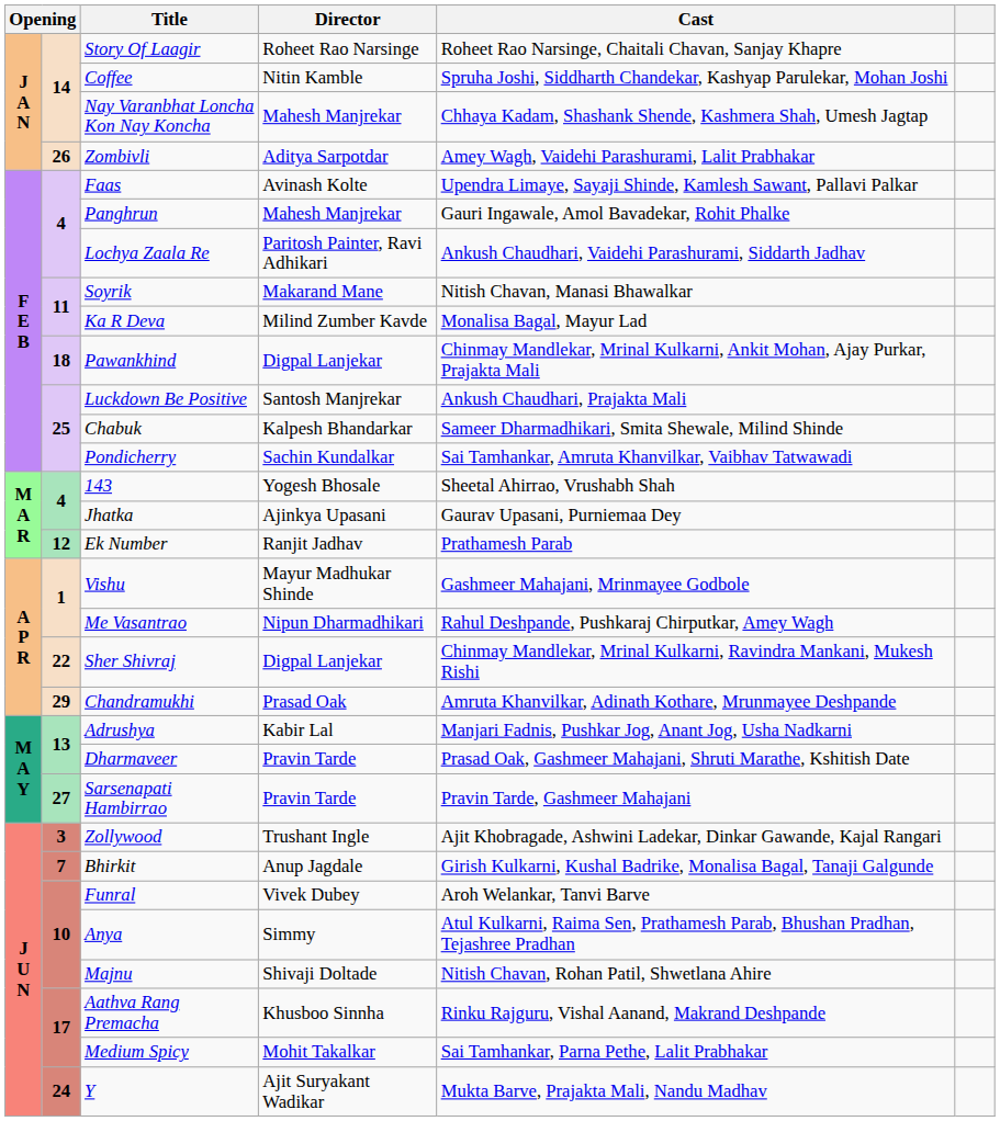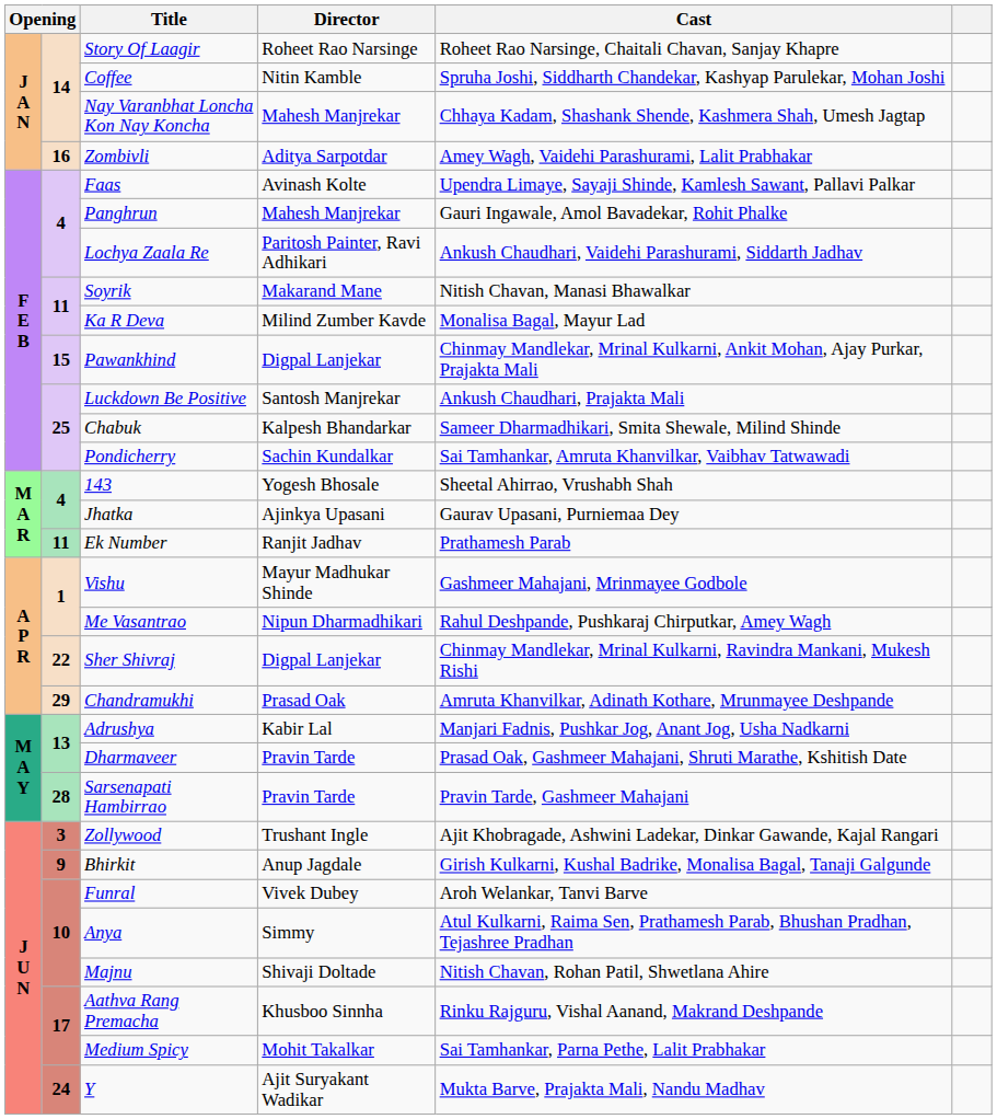 <table class="wikitable sortable">
 <tr>
 <th colspan="2" style="width:6%">Opening</th>
 <th style="width:18%">Title</th>
 <th style="width:18%">Director</th>
 <th>Cast</th>
 <th style="width:4%;"></th>
 </tr>
 <tr>
 <th rowspan="4" style="text-align:center; background:#f7bf87; text color:#000;">J<br>A<br>N</th>
 <td rowspan="3" style="text-align:center; background:#f7dfc7"><strong>14</strong></td>
 <td><em><a href='#'>Story Of Laagir</a></em></td>
 <td>Roheet Rao Narsinge</td>
 <td>Roheet Rao Narsinge, Chaitali Chavan, Sanjay Khapre</td>
 <td></td>
 </tr>
 <tr>
 <td><em><a href='#'>Coffee</a></em></td>
 <td>Nitin Kamble</td>
 <td><a href='#'>Spruha Joshi</a>, <a href='#'>Siddharth Chandekar</a>, Kashyap Parulekar, <a href='#'>Mohan Joshi</a></td>
 <td></td>
 </tr>
 <tr>
 <td><em><a href='#'>Nay Varanbhat Loncha Kon Nay Koncha</a></em></td>
 <td><a href='#'>Mahesh Manjrekar</a></td>
 <td><a href='#'>Chhaya Kadam</a>, <a href='#'>Shashank Shende</a>, <a href='#'>Kashmera Shah</a>, Umesh Jagtap</td>
 <td></td>
 </tr>
 <tr>
-<td rowspan="1" style="text-align:center; background:#f7dfc7"><strong>26</strong></td>
+<td rowspan="1" style="text-align:center; background:#f7dfc7"><strong>16</strong></td>
 <td><em><a href='#'>Zombivli</a></em></td>
 <td><a href='#'>Aditya Sarpotdar</a></td>
 <td><a href='#'>Amey Wagh</a>, <a href='#'>Vaidehi Parashurami</a>, <a href='#'>Lalit Prabhakar</a></td>
 <td></td>
 </tr>
 <tr>
 <th rowspan="9" style="text-align:center; background:#bf87f7; textcolor:#000;">F<br>E<br>B</th>
 <td rowspan="3" style="text-align:center; background:#dfc7f7"><strong>4</strong></td>
 <td><em><a href='#'>Faas</a></em></td>
 <td>Avinash Kolte</td>
 <td><a href='#'>Upendra Limaye</a>, <a href='#'>Sayaji Shinde</a>, <a href='#'>Kamlesh Sawant</a>, Pallavi Palkar</td>
 <td></td>
 </tr>
 <tr>
 <td><em><a href='#'>Panghrun</a></em></td>
 <td><a href='#'>Mahesh Manjrekar</a></td>
 <td>Gauri Ingawale, Amol Bavadekar, <a href='#'>Rohit Phalke</a></td>
 <td></td>
 </tr>
 <tr>
 <td><em><a href='#'>Lochya Zaala Re</a></em></td>
 <td><a href='#'>Paritosh Painter</a>, Ravi Adhikari</td>
 <td><a href='#'>Ankush Chaudhari</a>, <a href='#'>Vaidehi Parashurami</a>, <a href='#'>Siddarth Jadhav</a></td>
 <td></td>
 </tr>
 <tr>
 <td rowspan="2" style="text-align:center; background:#dfc7f7"><strong>11</strong></td>
 <td><em><a href='#'>Soyrik</a></em></td>
 <td><a href='#'>Makarand Mane</a></td>
 <td>Nitish Chavan, Manasi Bhawalkar</td>
 <td></td>
 </tr>
 <tr>
 <td><em><a href='#'>Ka R Deva</a></em></td>
 <td>Milind Zumber Kavde</td>
 <td><a href='#'>Monalisa Bagal</a>, Mayur Lad</td>
 <td></td>
 </tr>
 <tr>
-<td rowspan="1" style="text-align:center; background:#dfc7f7"><strong>18</strong></td>
+<td rowspan="1" style="text-align:center; background:#dfc7f7"><strong>15</strong></td>
 <td><em><a href='#'>Pawankhind</a></em></td>
 <td><a href='#'>Digpal Lanjekar</a></td>
 <td><a href='#'>Chinmay Mandlekar</a>, <a href='#'>Mrinal Kulkarni</a>, <a href='#'>Ankit Mohan</a>, Ajay Purkar, <a href='#'>Prajakta Mali</a></td>
 <td></td>
 </tr>
 <tr>
 <td rowspan="3" style="text-align:center; background:#dfc7f7"><strong>25</strong></td>
 <td><em><a href='#'>Luckdown Be Positive</a></em></td>
 <td>Santosh Manjrekar</td>
 <td><a href='#'>Ankush Chaudhari</a>, <a href='#'>Prajakta Mali</a></td>
 <td></td>
 </tr>
 <tr>
 <td><em>Chabuk</em></td>
 <td>Kalpesh Bhandarkar</td>
 <td><a href='#'>Sameer Dharmadhikari</a>, Smita Shewale, Milind Shinde</td>
 <td></td>
 </tr>
 <tr>
 <td><em><a href='#'>Pondicherry</a></em></td>
 <td><a href='#'>Sachin Kundalkar</a></td>
 <td><a href='#'>Sai Tamhankar</a>, <a href='#'>Amruta Khanvilkar</a>, <a href='#'>Vaibhav Tatwawadi</a></td>
 <td></td>
 </tr>
 <tr>
 <th rowspan="3" style="text-align:center; background:#98fb98; textcolor:#000;"><strong>M<br>A<br>R</strong></th>
 <td rowspan="2" style="text-align:center; background:#a8e4bc;"><strong>4</strong></td>
 <td><em><a href='#'>143</a></em></td>
 <td>Yogesh Bhosale</td>
 <td>Sheetal Ahirrao, Vrushabh Shah</td>
 <td></td>
 </tr>
 <tr>
 <td><em>Jhatka</em></td>
 <td>Ajinkya Upasani</td>
 <td>Gaurav Upasani, Purniemaa Dey</td>
 <td></td>
 </tr>
 <tr>
-<td rowspan="1" style="text-align:center; background:#a8e4bc;"><strong>12</strong></td>
+<td rowspan="1" style="text-align:center; background:#a8e4bc;"><strong>11</strong></td>
 <td><em>Ek Number</em></td>
 <td>Ranjit Jadhav</td>
 <td><a href='#'>Prathamesh Parab</a></td>
 <td></td>
 </tr>
 <tr>
 <th rowspan="4" style="text-align:center; background:#f7bf87; text color:#000;">A<br>P<br>R</th>
 <td rowspan="2" style="text-align:center; background:#f7dfc7"><strong>1</strong></td>
 <td><em><a href='#'>Vishu</a></em></td>
 <td>Mayur Madhukar Shinde</td>
 <td><a href='#'>Gashmeer Mahajani</a>, <a href='#'>Mrinmayee Godbole</a></td>
 <td></td>
 </tr>
 <tr>
 <td><em><a href='#'>Me Vasantrao</a></em></td>
 <td><a href='#'>Nipun Dharmadhikari</a></td>
 <td><a href='#'>Rahul Deshpande</a>, Pushkaraj Chirputkar, <a href='#'>Amey Wagh</a></td>
 <td></td>
 </tr>
 <tr>
 <td style="text-align:center; background:#f7dfc7"><strong>22</strong></td>
 <td><em><a href='#'>Sher Shivraj</a></em></td>
 <td><a href='#'>Digpal Lanjekar</a></td>
 <td><a href='#'>Chinmay Mandlekar</a>, <a href='#'>Mrinal Kulkarni</a>, <a href='#'>Ravindra Mankani</a>, <a href='#'>Mukesh Rishi</a></td>
 <td></td>
 </tr>
 <tr>
 <td style="text-align:center; background:#f7dfc7"><strong>29</strong></td>
 <td><em><a href='#'>Chandramukhi</a></em></td>
 <td><a href='#'>Prasad Oak</a></td>
 <td><a href='#'>Amruta Khanvilkar</a>, <a href='#'>Adinath Kothare</a>, <a href='#'>Mrunmayee Deshpande</a></td>
 <td></td>
 </tr>
 <tr>
 <th rowspan="3" style="text-align:center; background:#29AB87; textcolor:#000;">M<br>A<br>Y</th>
 <td rowspan="2" style="text-align:center; background:#a8e4bc"><strong>13</strong></td>
 <td><em><a href='#'>Adrushya</a></em></td>
 <td>Kabir Lal</td>
 <td><a href='#'>Manjari Fadnis</a>, <a href='#'>Pushkar Jog</a>, <a href='#'>Anant Jog</a>, <a href='#'>Usha Nadkarni</a></td>
 <td><br></td>
 </tr>
 <tr>
 <td><em><a href='#'>Dharmaveer</a></em></td>
 <td><a href='#'>Pravin Tarde</a></td>
 <td><a href='#'>Prasad Oak</a>, <a href='#'>Gashmeer Mahajani</a>, <a href='#'>Shruti Marathe</a>, Kshitish Date</td>
 <td></td>
 </tr>
 <tr>
-<td style="text-align:center; background:#a8e4bc"><strong>27</strong></td>
+<td style="text-align:center; background:#a8e4bc"><strong>28</strong></td>
 <td><a href='#'><em>Sarsenapati</em> <em>Hambirrao</em></a></td>
 <td><a href='#'>Pravin Tarde</a></td>
 <td><a href='#'>Pravin Tarde</a>, <a href='#'>Gashmeer Mahajani</a></td>
 <td></td>
 </tr>
 <tr>
 <th rowspan="8" style="text-align:center;  background:#F88379; textcolor:#000;"><strong>J<br>U<br>N</strong></th>
 <td rowspan="1" style="text-align:center;background:#D88579;textcolor:#000;"><strong>3</strong></td>
 <td><em><a href='#'>Zollywood</a></em></td>
 <td>Trushant Ingle</td>
 <td>Ajit Khobragade, Ashwini Ladekar, Dinkar Gawande, Kajal Rangari</td>
 <td></td>
 </tr>
 <tr>
-<td rowspan="1" style="text-align:center;background:#D88579;textcolor:#000;"><strong>7</strong></td>
+<td rowspan="1" style="text-align:center;background:#D88579;textcolor:#000;"><strong>9</strong></td>
 <td><em>Bhirkit</em></td>
 <td>Anup Jagdale</td>
 <td><a href='#'>Girish Kulkarni</a>, <a href='#'>Kushal Badrike</a>, <a href='#'>Monalisa Bagal</a>, <a href='#'>Tanaji Galgunde</a></td>
 <td></td>
 </tr>
 <tr>
 <td rowspan="3" style="text-align:center;background:#D88579;"><strong>10</strong></td>
 <td><em><a href='#'>Funral</a></em></td>
 <td>Vivek Dubey</td>
 <td>Aroh Welankar, Tanvi Barve</td>
 <td></td>
 </tr>
 <tr>
 <td><em><a href='#'>Anya</a></em></td>
 <td>Simmy</td>
 <td><a href='#'>Atul Kulkarni</a>, <a href='#'>Raima Sen</a>, <a href='#'>Prathamesh Parab</a>, <a href='#'>Bhushan Pradhan</a>, <a href='#'>Tejashree Pradhan</a></td>
 <td></td>
 </tr>
 <tr>
 <td><em><a href='#'>Majnu</a></em></td>
 <td>Shivaji Doltade</td>
 <td><a href='#'>Nitish Chavan</a>, Rohan Patil, Shwetlana Ahire</td>
 <td></td>
 </tr>
 <tr>
 <td rowspan="2" style="text-align:center;background:#D88579;"><strong>17</strong></td>
 <td><em><a href='#'>Aathva Rang Premacha</a></em></td>
 <td>Khusboo Sinnha</td>
 <td><a href='#'>Rinku Rajguru</a>, Vishal Aanand, <a href='#'>Makrand Deshpande</a></td>
 <td></td>
 </tr>
 <tr>
 <td><em><a href='#'>Medium Spicy</a></em></td>
 <td><a href='#'>Mohit Takalkar</a></td>
 <td><a href='#'>Sai Tamhankar</a>, <a href='#'>Parna Pethe</a>, <a href='#'>Lalit Prabhakar</a></td>
 <td></td>
 </tr>
 <tr>
 <td style="text-align:center;background:#D88579;"><strong>24</strong></td>
 <td><em><a href='#'>Y</a></em></td>
 <td>Ajit Suryakant Wadikar</td>
 <td><a href='#'>Mukta Barve</a>, <a href='#'>Prajakta Mali</a>, <a href='#'>Nandu Madhav</a></td>
 <td></td>
 </tr>
 </table>
